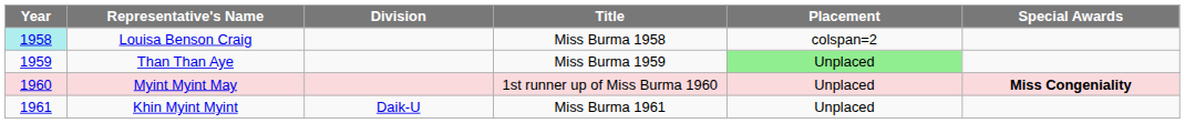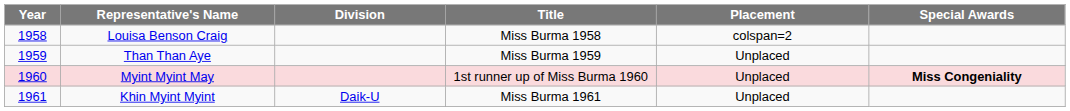 <table class="wikitable sortable" style="font-size: 95%; text-align:center">
 <tr>
 <th width="60" style="background-color:#787878;color:#FFFFFF;">Year</th>
 <th width="250" style="background-color:#787878;color:#FFFFFF;">Representative's Name</th>
 <th width="200" style="background-color:#787878;color:#FFFFFF;">Division</th>
 <th width="250" style="background-color:#787878;color:#FFFFFF;">Title</th>
 <th width="250" style="background-color:#787878;color:#FFFFFF;">Placement</th>
 <th width="230" style="background-color:#787878;color:#FFFFFF;">Special Awards</th>
 </tr>
 <tr>
-<td style="background: paleturquoise;"><a href='#'>1958</a></td>
+<td><a href='#'>1958</a></td>
 <td><a href='#'>Louisa Benson Craig</a></td>
 <td></td>
 <td>Miss Burma 1958</td>
 <td>colspan=2 </td>
 </tr>
 <tr>
 <td><a href='#'>1959</a></td>
 <td><a href='#'>Than Than Aye</a></td>
 <td></td>
 <td>Miss Burma 1959</td>
-<td style="background: lightgreen;">Unplaced</td>
+<td>Unplaced</td>
 <td></td>
 </tr>
 <tr style="background-color:#FADADD; ">
 <td><a href='#'>1960</a></td>
 <td><a href='#'>Myint Myint May</a></td>
 <td></td>
 <td>1st runner up of Miss Burma 1960</td>
 <td>Unplaced</td>
 <td><strong>Miss Congeniality</strong></td>
 </tr>
 <tr>
 <td><a href='#'>1961</a></td>
 <td><a href='#'>Khin Myint Myint</a></td>
 <td> <a href='#'>Daik-U</a></td>
 <td>Miss Burma 1961</td>
 <td>Unplaced</td>
 <td></td>
 </tr>
 </table>
